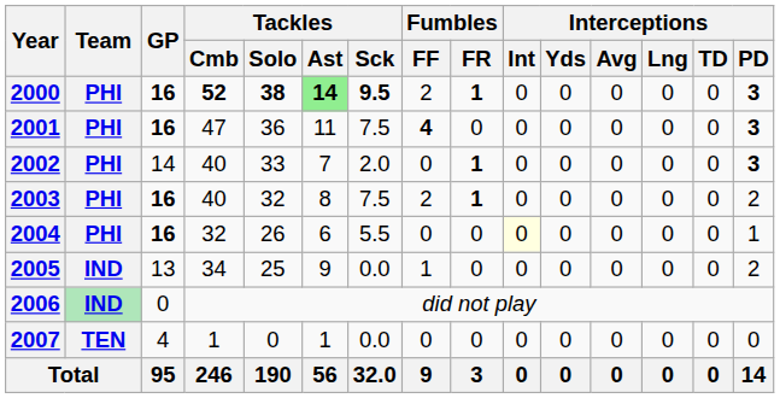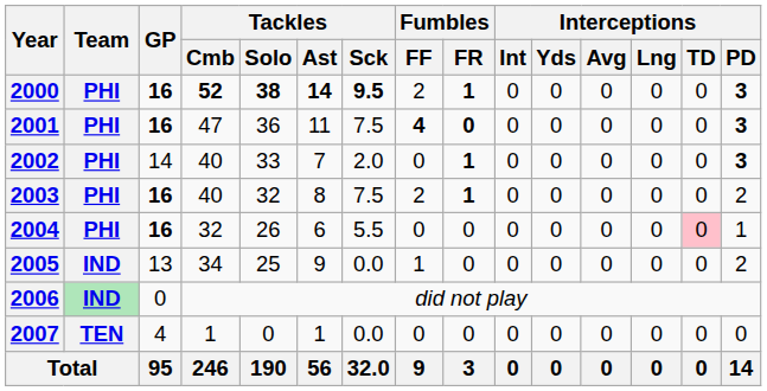 <table class="wikitable" style="text-align:center">
 <tr>
 <th rowspan="2">Year</th>
 <th rowspan="2">Team</th>
 <th rowspan="2">GP</th>
 <th colspan="4">Tackles</th>
 <th colspan="2">Fumbles</th>
 <th colspan="6">Interceptions</th>
 </tr>
 <tr>
 <th>Cmb</th>
 <th>Solo</th>
 <th>Ast</th>
 <th>Sck</th>
 <th>FF</th>
 <th>FR</th>
 <th>Int</th>
 <th>Yds</th>
 <th>Avg</th>
 <th>Lng</th>
 <th>TD</th>
 <th>PD</th>
 </tr>
 <tr>
 <th><a href='#'>2000</a></th>
 <th><a href='#'>PHI</a></th>
 <td><strong>16</strong></td>
 <td><strong>52</strong></td>
 <td><strong>38</strong></td>
-<td style="background: lightgreen;"><strong>14</strong></td>
+<td><strong>14</strong></td>
 <td><strong>9.5</strong></td>
 <td>2</td>
 <td><strong>1</strong></td>
 <td>0</td>
 <td>0</td>
 <td>0</td>
 <td>0</td>
 <td>0</td>
 <td><strong>3</strong></td>
 </tr>
 <tr>
 <th><a href='#'>2001</a></th>
 <th><a href='#'>PHI</a></th>
 <td><strong>16</strong></td>
 <td>47</td>
 <td>36</td>
 <td>11</td>
 <td>7.5</td>
 <td><strong>4</strong></td>
-<td>0</td>
+<td><strong>0</strong></td>
 <td>0</td>
 <td>0</td>
 <td>0</td>
 <td>0</td>
 <td>0</td>
 <td><strong>3</strong></td>
 </tr>
 <tr>
 <th><a href='#'>2002</a></th>
 <th><a href='#'>PHI</a></th>
 <td>14</td>
 <td>40</td>
 <td>33</td>
 <td>7</td>
 <td>2.0</td>
 <td>0</td>
 <td><strong>1</strong></td>
 <td>0</td>
 <td>0</td>
 <td>0</td>
 <td>0</td>
 <td>0</td>
 <td><strong>3</strong></td>
 </tr>
 <tr>
 <th><a href='#'>2003</a></th>
 <th><a href='#'>PHI</a></th>
 <td><strong>16</strong></td>
 <td>40</td>
 <td>32</td>
 <td>8</td>
 <td>7.5</td>
 <td>2</td>
 <td><strong>1</strong></td>
 <td>0</td>
 <td>0</td>
 <td>0</td>
 <td>0</td>
 <td>0</td>
 <td>2</td>
 </tr>
 <tr>
 <th><a href='#'>2004</a></th>
 <th><a href='#'>PHI</a></th>
 <td><strong>16</strong></td>
 <td>32</td>
 <td>26</td>
 <td>6</td>
 <td>5.5</td>
 <td>0</td>
 <td>0</td>
-<td style="background: lightyellow;">0</td>
 <td>0</td>
 <td>0</td>
 <td>0</td>
 <td>0</td>
+<td style="background: pink;">0</td>
 <td>1</td>
 </tr>
 <tr>
 <th><a href='#'>2005</a></th>
 <th><a href='#'>IND</a></th>
 <td>13</td>
 <td>34</td>
 <td>25</td>
 <td>9</td>
 <td>0.0</td>
 <td>1</td>
 <td>0</td>
 <td>0</td>
 <td>0</td>
 <td>0</td>
 <td>0</td>
 <td>0</td>
 <td>2</td>
 </tr>
 <tr>
 <th><a href='#'>2006</a></th>
 <th style="background:#afe6ba; width:3em;"><a href='#'>IND</a></th>
 <td>0</td>
 <td colspan="12"><em>did not play</em></td>
 </tr>
 <tr>
 <th><a href='#'>2007</a></th>
 <th><a href='#'>TEN</a></th>
 <td>4</td>
 <td>1</td>
 <td>0</td>
 <td>1</td>
 <td>0.0</td>
 <td>0</td>
 <td>0</td>
 <td>0</td>
 <td>0</td>
 <td>0</td>
 <td>0</td>
 <td>0</td>
 <td>0</td>
 </tr>
 <tr>
 <th colspan="2">Total</th>
 <th>95</th>
 <th>246</th>
 <th>190</th>
 <th>56</th>
 <th>32.0</th>
 <th>9</th>
 <th>3</th>
 <th>0</th>
 <th>0</th>
 <th>0</th>
 <th>0</th>
 <th>0</th>
 <th>14</th>
 </tr>
 </table>
